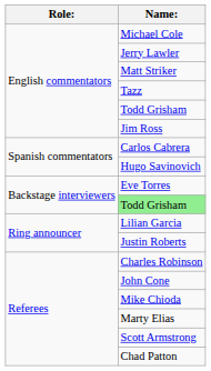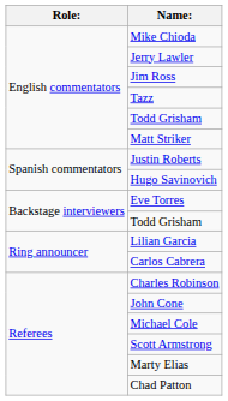 <table class=wikitable style="font-size:90%; margin: 0.5em 0 0.5em 1em; float: right; clear: right;">
 <tr>
 <th>Role:</th>
 <th>Name:</th>
 </tr>
 <tr>
 <td rowspan=6>English <a href='#'>commentators</a></td>
-<td><a href='#'>Michael Cole</a> </td>
+<td><a href='#'>Mike Chioda</a></td>
 </tr>
 <tr>
 <td><a href='#'>Jerry Lawler</a> </td>
 </tr>
 <tr>
-<td><a href='#'>Matt Striker</a> </td>
+<td><a href='#'>Jim Ross</a> </td>
 </tr>
 <tr>
 <td><a href='#'>Tazz</a> </td>
 </tr>
 <tr>
 <td><a href='#'>Todd Grisham</a> </td>
 </tr>
 <tr>
-<td><a href='#'>Jim Ross</a> </td>
+<td><a href='#'>Matt Striker</a> </td>
 </tr>
 <tr>
 <td rowspan=2>Spanish commentators</td>
-<td><a href='#'>Carlos Cabrera</a></td>
+<td><a href='#'>Justin Roberts</a> </td>
 </tr>
 <tr>
 <td><a href='#'>Hugo Savinovich</a></td>
 </tr>
 <tr>
 <td rowspan=2>Backstage <a href='#'>interviewers</a></td>
 <td><a href='#'>Eve Torres</a></td>
 </tr>
 <tr>
-<td style="background: lightgreen;">Todd Grisham</td>
+<td>Todd Grisham</td>
 </tr>
 <tr>
 <td rowspan=2><a href='#'>Ring announcer</a></td>
 <td><a href='#'>Lilian Garcia</a> </td>
 </tr>
 <tr>
-<td><a href='#'>Justin Roberts</a> </td>
+<td><a href='#'>Carlos Cabrera</a></td>
 </tr>
 <tr>
 <td rowspan=6><a href='#'>Referees</a></td>
 <td><a href='#'>Charles Robinson</a></td>
 </tr>
 <tr>
 <td><a href='#'>John Cone</a></td>
 </tr>
 <tr>
-<td><a href='#'>Mike Chioda</a></td>
+<td><a href='#'>Michael Cole</a> </td>
+</tr>
+<tr>
+<td><a href='#'>Scott Armstrong</a></td>
 </tr>
 <tr>
 <td>Marty Elias</td>
 </tr>
 <tr>
-<td><a href='#'>Scott Armstrong</a></td>
-</tr>
-<tr>
 <td>Chad Patton</td>
 </tr>
 </table>
